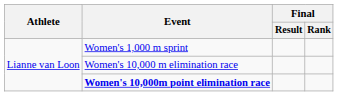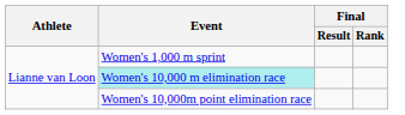 <table class="wikitable" style="font-size:90%">
 <tr>
 <th rowspan=2>Athlete</th>
 <th rowspan=2>Event</th>
 <th colspan=2>Final</th>
 </tr>
 <tr style="font-size:95%">
 <th>Result</th>
 <th>Rank</th>
 </tr>
 <tr align="center">
 <td align=left rowspan=3><a href='#'>Lianne van Loon</a></td>
 <td align=left><a href='#'>Women's 1,000 m sprint</a></td>
 <td></td>
 <td></td>
 </tr>
 <tr align="center">
-<td align=left><a href='#'>Women's 10,000 m elimination race</a></td>
+<td align=left style="background: paleturquoise;"><a href='#'>Women's 10,000 m elimination race</a></td>
 <td></td>
 <td></td>
 </tr>
 <tr align="center">
-<td align=left><strong><a href='#'>Women's 10,000m point elimination race</a></strong></td>
+<td align=left><a href='#'>Women's 10,000m point elimination race</a></td>
 <td></td>
 <td></td>
 </tr>
 </table>
